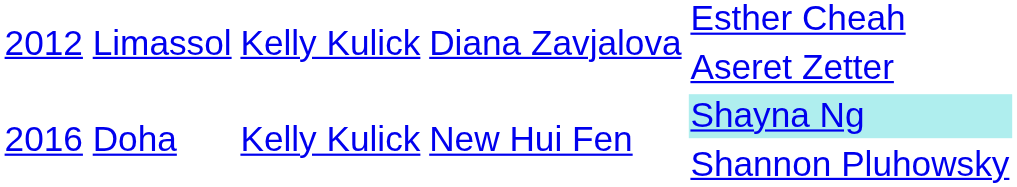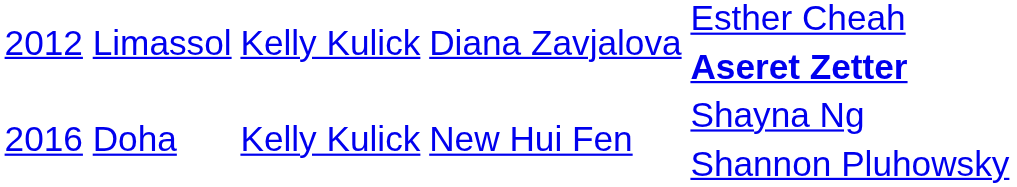 <table>
 <tr>
 <td rowspan=2><a href='#'>2012</a> <a href='#'>Limassol</a></td>
 <td rowspan=2> <a href='#'>Kelly Kulick</a></td>
 <td rowspan=2> <a href='#'>Diana Zavjalova</a></td>
 <td> <a href='#'>Esther Cheah</a></td>
 </tr>
 <tr>
-<td> <a href='#'>Aseret Zetter</a></td>
+<td><strong> <a href='#'>Aseret Zetter</a></strong></td>
 </tr>
 <tr>
 <td rowspan=2><a href='#'>2016</a> <a href='#'>Doha</a></td>
 <td rowspan=2> <a href='#'>Kelly Kulick</a></td>
 <td rowspan=2> <a href='#'>New Hui Fen</a></td>
-<td style="background: paleturquoise;"> <a href='#'>Shayna Ng</a></td>
+<td> <a href='#'>Shayna Ng</a></td>
 </tr>
 <tr>
 <td> <a href='#'>Shannon Pluhowsky</a></td>
 </tr>
 </table>
